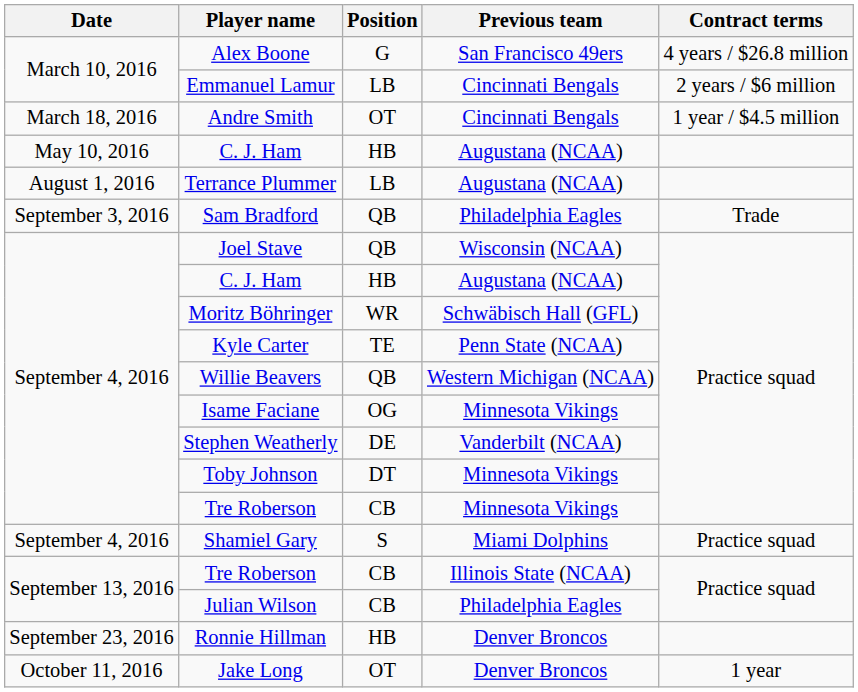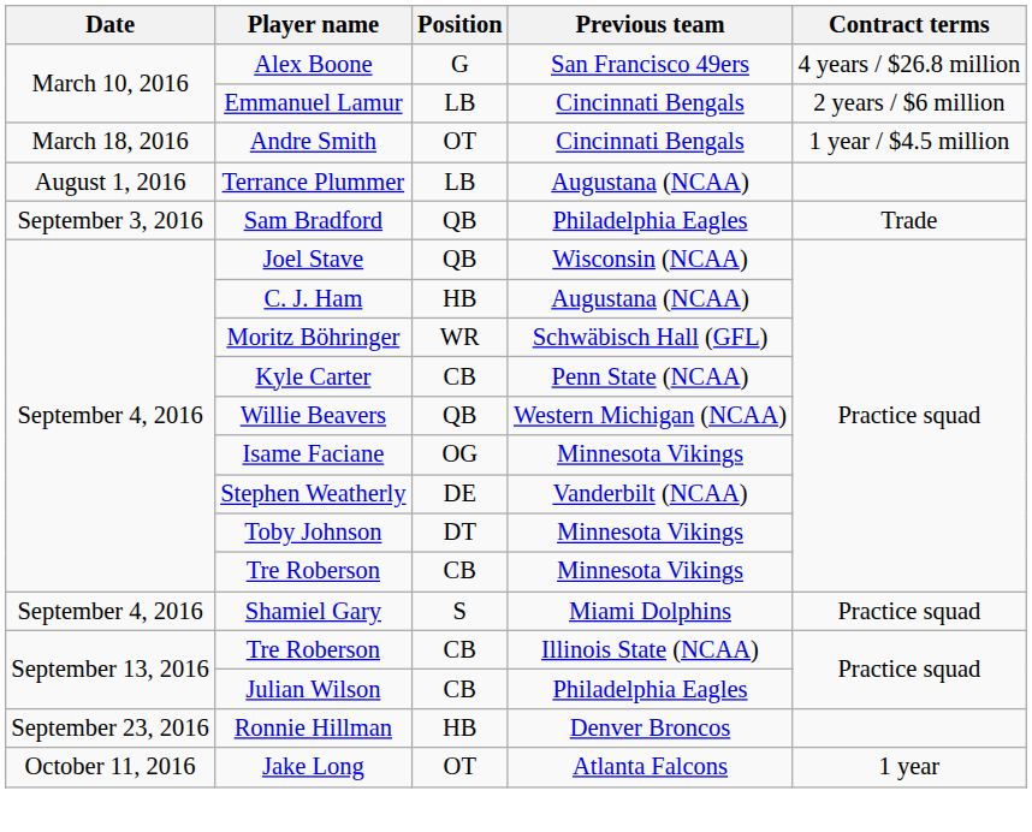 <table class="wikitable" style="text-align:center">
 <tr>
 <th>Date</th>
 <th>Player name</th>
 <th>Position</th>
 <th>Previous team</th>
 <th>Contract terms</th>
 </tr>
 <tr>
 <td rowspan="2">March 10, 2016</td>
 <td><a href='#'>Alex Boone</a></td>
 <td>G</td>
 <td><a href='#'>San Francisco 49ers</a></td>
 <td>4 years / $26.8 million</td>
 </tr>
 <tr>
 <td><a href='#'>Emmanuel Lamur</a></td>
 <td>LB</td>
 <td><a href='#'>Cincinnati Bengals</a></td>
 <td>2 years / $6 million</td>
 </tr>
 <tr>
 <td>March 18, 2016</td>
 <td><a href='#'>Andre Smith</a></td>
 <td>OT</td>
 <td><a href='#'>Cincinnati Bengals</a></td>
 <td>1 year / $4.5 million</td>
-</tr>
-<tr>
-<td>May 10, 2016</td>
-<td><a href='#'>C. J. Ham</a></td>
-<td>HB</td>
-<td><a href='#'>Augustana</a> (<a href='#'>NCAA</a>)</td>
-<td></td>
 </tr>
 <tr>
 <td>August 1, 2016</td>
 <td><a href='#'>Terrance Plummer</a></td>
 <td>LB</td>
 <td><a href='#'>Augustana</a> (<a href='#'>NCAA</a>)</td>
 <td></td>
 </tr>
 <tr>
 <td>September 3, 2016</td>
 <td><a href='#'>Sam Bradford</a></td>
 <td>QB</td>
 <td><a href='#'>Philadelphia Eagles</a></td>
 <td>Trade</td>
 </tr>
 <tr>
 <td rowspan="9">September 4, 2016</td>
 <td><a href='#'>Joel Stave</a></td>
 <td>QB</td>
 <td><a href='#'>Wisconsin</a> (<a href='#'>NCAA</a>)</td>
 <td rowspan="9">Practice squad</td>
 </tr>
 <tr>
 <td><a href='#'>C. J. Ham</a></td>
 <td>HB</td>
 <td><a href='#'>Augustana</a> (<a href='#'>NCAA</a>)</td>
 </tr>
 <tr>
 <td><a href='#'>Moritz Böhringer</a></td>
 <td>WR</td>
 <td><a href='#'>Schwäbisch Hall</a> (<a href='#'>GFL</a>)</td>
 </tr>
 <tr>
 <td><a href='#'>Kyle Carter</a></td>
-<td>TE</td>
+<td>CB</td>
 <td><a href='#'>Penn State</a> (<a href='#'>NCAA</a>)</td>
 </tr>
 <tr>
 <td><a href='#'>Willie Beavers</a></td>
 <td>QB</td>
 <td><a href='#'>Western Michigan</a> (<a href='#'>NCAA</a>)</td>
 </tr>
 <tr>
 <td><a href='#'>Isame Faciane</a></td>
 <td>OG</td>
 <td><a href='#'>Minnesota Vikings</a></td>
 </tr>
 <tr>
 <td><a href='#'>Stephen Weatherly</a></td>
 <td>DE</td>
 <td><a href='#'>Vanderbilt</a> (<a href='#'>NCAA</a>)</td>
 </tr>
 <tr>
 <td><a href='#'>Toby Johnson</a></td>
 <td>DT</td>
 <td><a href='#'>Minnesota Vikings</a></td>
 </tr>
 <tr>
 <td><a href='#'>Tre Roberson</a></td>
 <td>CB</td>
 <td><a href='#'>Minnesota Vikings</a></td>
 </tr>
 <tr>
 <td>September 4, 2016</td>
 <td><a href='#'>Shamiel Gary</a></td>
 <td>S</td>
 <td><a href='#'>Miami Dolphins</a></td>
 <td>Practice squad</td>
 </tr>
 <tr>
 <td rowspan="2">September 13, 2016</td>
 <td><a href='#'>Tre Roberson</a></td>
 <td>CB</td>
 <td><a href='#'>Illinois State</a> (<a href='#'>NCAA</a>)</td>
 <td rowspan="2">Practice squad</td>
 </tr>
 <tr>
 <td><a href='#'>Julian Wilson</a></td>
 <td>CB</td>
 <td><a href='#'>Philadelphia Eagles</a></td>
 </tr>
 <tr>
 <td>September 23, 2016</td>
 <td><a href='#'>Ronnie Hillman</a></td>
 <td>HB</td>
 <td><a href='#'>Denver Broncos</a></td>
 <td></td>
 </tr>
 <tr>
 <td>October 11, 2016</td>
 <td><a href='#'>Jake Long</a></td>
 <td>OT</td>
-<td><a href='#'>Denver Broncos</a></td>
+<td><a href='#'>Atlanta Falcons</a></td>
 <td>1 year</td>
 </tr>
 </table>
